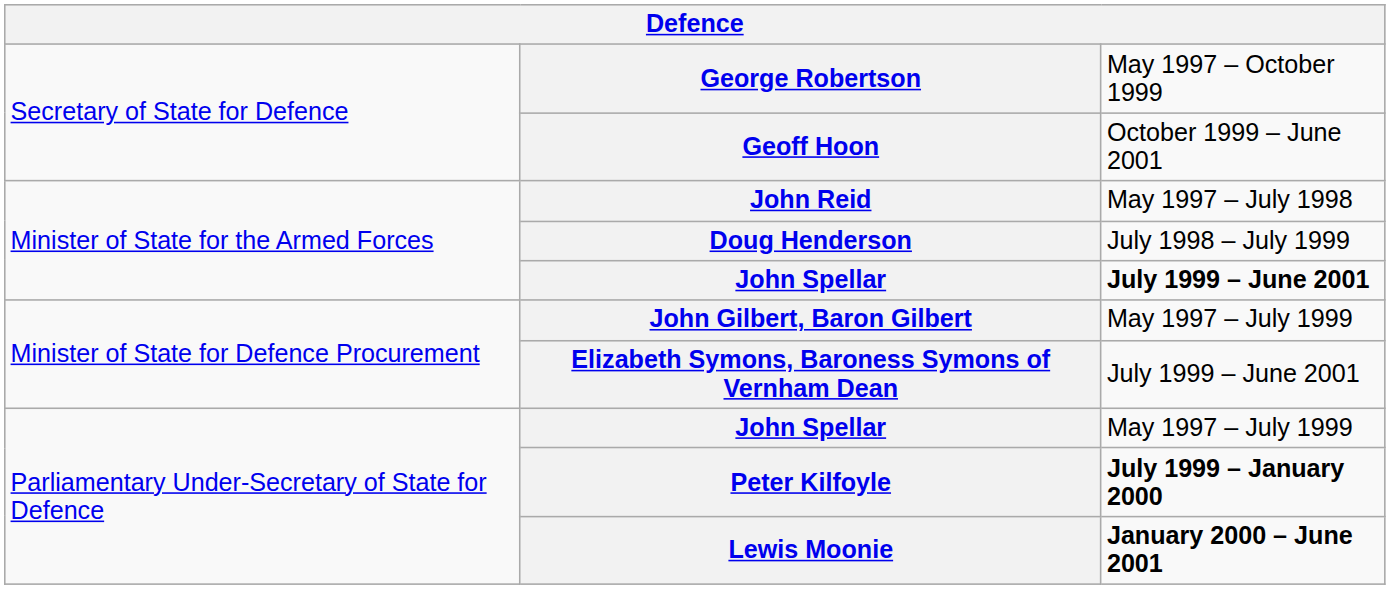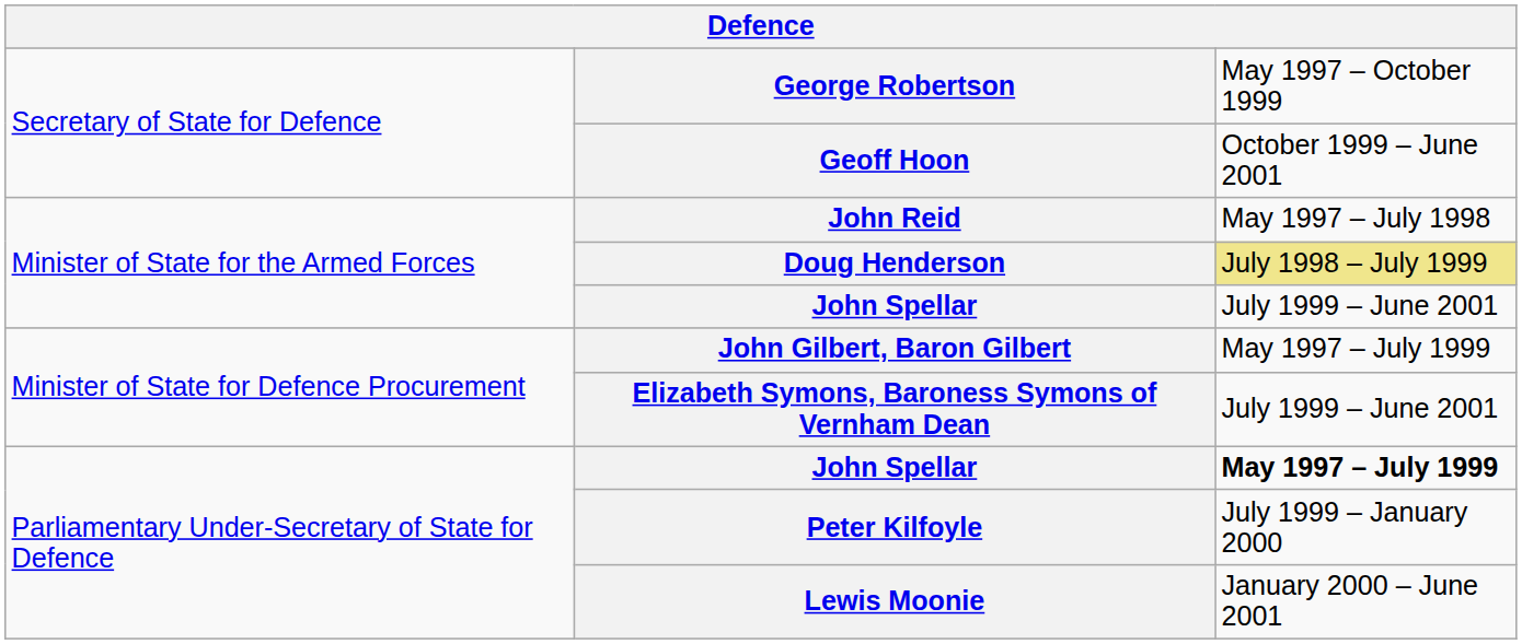 <table class="wikitable plainrowheaders" width=100% style="max-width:55em;">
 <tr>
 <th colspan=4><a href='#'>Defence</a></th>
 </tr>
 <tr>
 <td rowspan="2"><a href='#'>Secretary of State for Defence</a></td>
 <th scope="row" style="font-weight:bold;"><a href='#'>George Robertson</a></th>
 <td>May 1997 – October 1999</td>
 </tr>
 <tr>
 <th scope="row" style="font-weight:bold;"><a href='#'>Geoff Hoon</a></th>
 <td>October 1999 – June 2001</td>
 </tr>
 <tr>
 <td rowspan="3"><a href='#'>Minister of State for the Armed Forces</a></td>
 <th scope="row"><a href='#'>John Reid</a></th>
 <td>May 1997 – July 1998</td>
 </tr>
 <tr>
 <th scope="row"><a href='#'>Doug Henderson</a></th>
-<td>July 1998 – July 1999</td>
+<td style="background: khaki;">July 1998 – July 1999</td>
 </tr>
 <tr>
 <th scope="row"><a href='#'>John Spellar</a></th>
-<td><strong>July 1999 – June 2001</strong></td>
+<td>July 1999 – June 2001</td>
 </tr>
 <tr>
 <td rowspan="2"><a href='#'>Minister of State for Defence Procurement</a></td>
 <th scope="row"><a href='#'>John Gilbert, Baron Gilbert</a></th>
 <td>May 1997 – July 1999</td>
 </tr>
 <tr>
 <th scope="row"><a href='#'>Elizabeth Symons, Baroness Symons of Vernham Dean</a></th>
 <td>July 1999 – June 2001</td>
 </tr>
 <tr>
 <td rowspan="3"><a href='#'>Parliamentary Under-Secretary of State for Defence</a></td>
 <th scope="row"><a href='#'>John Spellar</a></th>
-<td>May 1997 – July 1999</td>
+<td><strong>May 1997 – July 1999</strong></td>
 </tr>
 <tr>
 <th scope="row"><a href='#'>Peter Kilfoyle</a></th>
-<td><strong>July 1999 – January 2000</strong></td>
+<td>July 1999 – January 2000</td>
 </tr>
 <tr>
 <th scope="row"><a href='#'>Lewis Moonie</a></th>
-<td><strong>January 2000 – June 2001</strong></td>
+<td>January 2000 – June 2001</td>
 </tr>
 </table>
